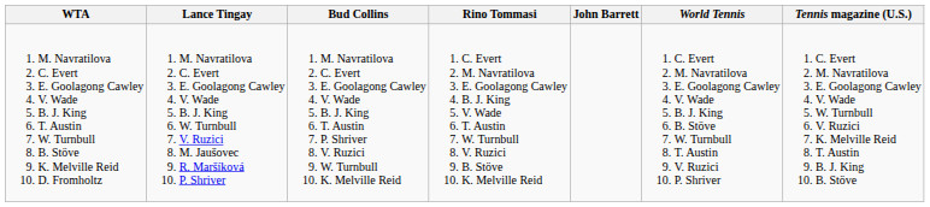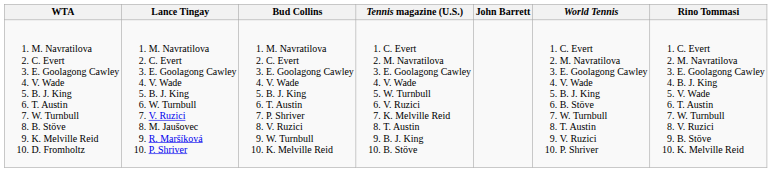 <table class="wikitable">
 <tr>
 <th>WTA</th>
 <th>Lance Tingay</th>
 <th>Bud Collins</th>
-<th>Rino Tommasi</th>
+<th><em>Tennis</em> magazine (U.S.)</th>
 <th>John Barrett</th>
 <th><em>World Tennis</em></th>
-<th><em>Tennis</em> magazine (U.S.)</th>
+<th>Rino Tommasi</th>
 </tr>
 <tr style="vertical-align: top;">
 <td style="white-space: nowrap;"><br><ol><li> M. Navratilova</li><li> C. Evert</li><li> E. Goolagong Cawley</li><li> V. Wade</li><li> B. J. King</li><li> T. Austin</li><li> W. Turnbull</li><li> B. Stöve</li><li> K. Melville Reid</li><li> D. Fromholtz</li></ol></td>
 <td style="white-space: nowrap;"><br><ol><li> M. Navratilova</li><li> C. Evert</li><li> E. Goolagong Cawley</li><li> V. Wade</li><li> B. J. King</li><li> W. Turnbull</li><li> <a href='#'>V. Ruzici</a></li><li> M. Jaušovec</li><li> <a href='#'>R. Maršíková</a></li><li> <a href='#'>P. Shriver</a></li></ol></td>
 <td style="white-space: nowrap;"><br><ol><li> M. Navratilova</li><li> C. Evert</li><li> E. Goolagong Cawley</li><li> V. Wade</li><li> B. J. King</li><li> T. Austin</li><li> P. Shriver</li><li> V. Ruzici</li><li> W. Turnbull</li><li> K. Melville Reid</li></ol></td>
-<td style="white-space: nowrap;"><br><ol><li> C. Evert</li><li> M. Navratilova</li><li> E. Goolagong Cawley</li><li> B. J. King</li><li> V. Wade</li><li> T. Austin</li><li> W. Turnbull</li><li> V. Ruzici</li><li> B. Stöve</li><li> K. Melville Reid</li></ol></td>
+<td style="white-space: nowrap;"><br><ol><li> C. Evert</li><li> M. Navratilova</li><li> E. Goolagong Cawley</li><li> V. Wade</li><li> W. Turnbull</li><li> V. Ruzici</li><li> K. Melville Reid</li><li> T. Austin</li><li> B. J. King</li><li> B. Stöve</li></ol></td>
 <td></td>
 <td style="white-space: nowrap;"><br><ol><li> C. Evert</li><li> M. Navratilova</li><li> E. Goolagong Cawley</li><li> V. Wade</li><li> B. J. King</li><li> B. Stöve</li><li> W. Turnbull</li><li> T. Austin</li><li> V. Ruzici</li><li> P. Shriver</li></ol></td>
-<td style="white-space: nowrap;"><br><ol><li> C. Evert</li><li> M. Navratilova</li><li> E. Goolagong Cawley</li><li> V. Wade</li><li> W. Turnbull</li><li> V. Ruzici</li><li> K. Melville Reid</li><li> T. Austin</li><li> B. J. King</li><li> B. Stöve</li></ol></td>
+<td style="white-space: nowrap;"><br><ol><li> C. Evert</li><li> M. Navratilova</li><li> E. Goolagong Cawley</li><li> B. J. King</li><li> V. Wade</li><li> T. Austin</li><li> W. Turnbull</li><li> V. Ruzici</li><li> B. Stöve</li><li> K. Melville Reid</li></ol></td>
 </tr>
 </table>
